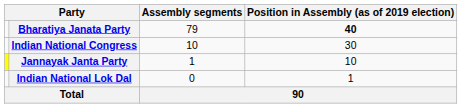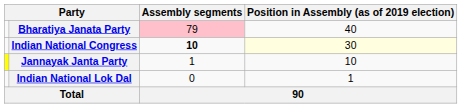 <table class="wikitable" style="text-align:center">
 <tr>
 <th colspan=2>Party</th>
 <th>Assembly segments</th>
 <th>Position in Assembly (as of 2019 election)</th>
 </tr>
 <tr>
 <td></td>
 <th><a href='#'>Bharatiya Janata Party</a></th>
-<td>79</td>
-<td><strong>40</strong></td>
+<td style="background: pink;">79</td>
+<td>40</td>
 </tr>
 <tr>
 <td></td>
 <th><a href='#'>Indian National Congress</a></th>
-<td>10</td>
-<td>30</td>
+<td><strong>10</strong></td>
+<td style="background: lightyellow;">30</td>
 </tr>
 <tr>
 <td bgcolor=#FFFF00></td>
 <th><a href='#'>Jannayak Janta Party</a></th>
 <td>1</td>
 <td>10</td>
 </tr>
 <tr>
 <td></td>
 <th><a href='#'>Indian National Lok Dal</a></th>
 <td>0</td>
 <td>1</td>
 </tr>
 <tr>
 <th colspan="2">Total</th>
 <th colspan="2">90</th>
 </tr>
 </table>
